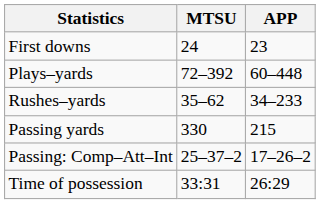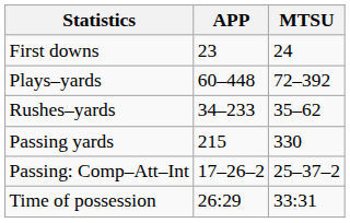 <table class="wikitable">
 <tr>
 <th>Statistics</th>
+<th>APP</th>
 <th>MTSU</th>
-<th>APP</th>
 </tr>
 <tr>
 <td>First downs</td>
+<td>23</td>
 <td>24</td>
-<td>23</td>
 </tr>
 <tr>
 <td>Plays–yards</td>
+<td>60–448</td>
 <td>72–392</td>
-<td>60–448</td>
 </tr>
 <tr>
 <td>Rushes–yards</td>
+<td>34–233</td>
 <td>35–62</td>
-<td>34–233</td>
 </tr>
 <tr>
 <td>Passing yards</td>
+<td>215</td>
 <td>330</td>
-<td>215</td>
 </tr>
 <tr>
 <td>Passing: Comp–Att–Int</td>
+<td>17–26–2</td>
 <td>25–37–2</td>
-<td>17–26–2</td>
 </tr>
 <tr>
 <td>Time of possession</td>
+<td>26:29</td>
 <td>33:31</td>
-<td>26:29</td>
 </tr>
 </table>
